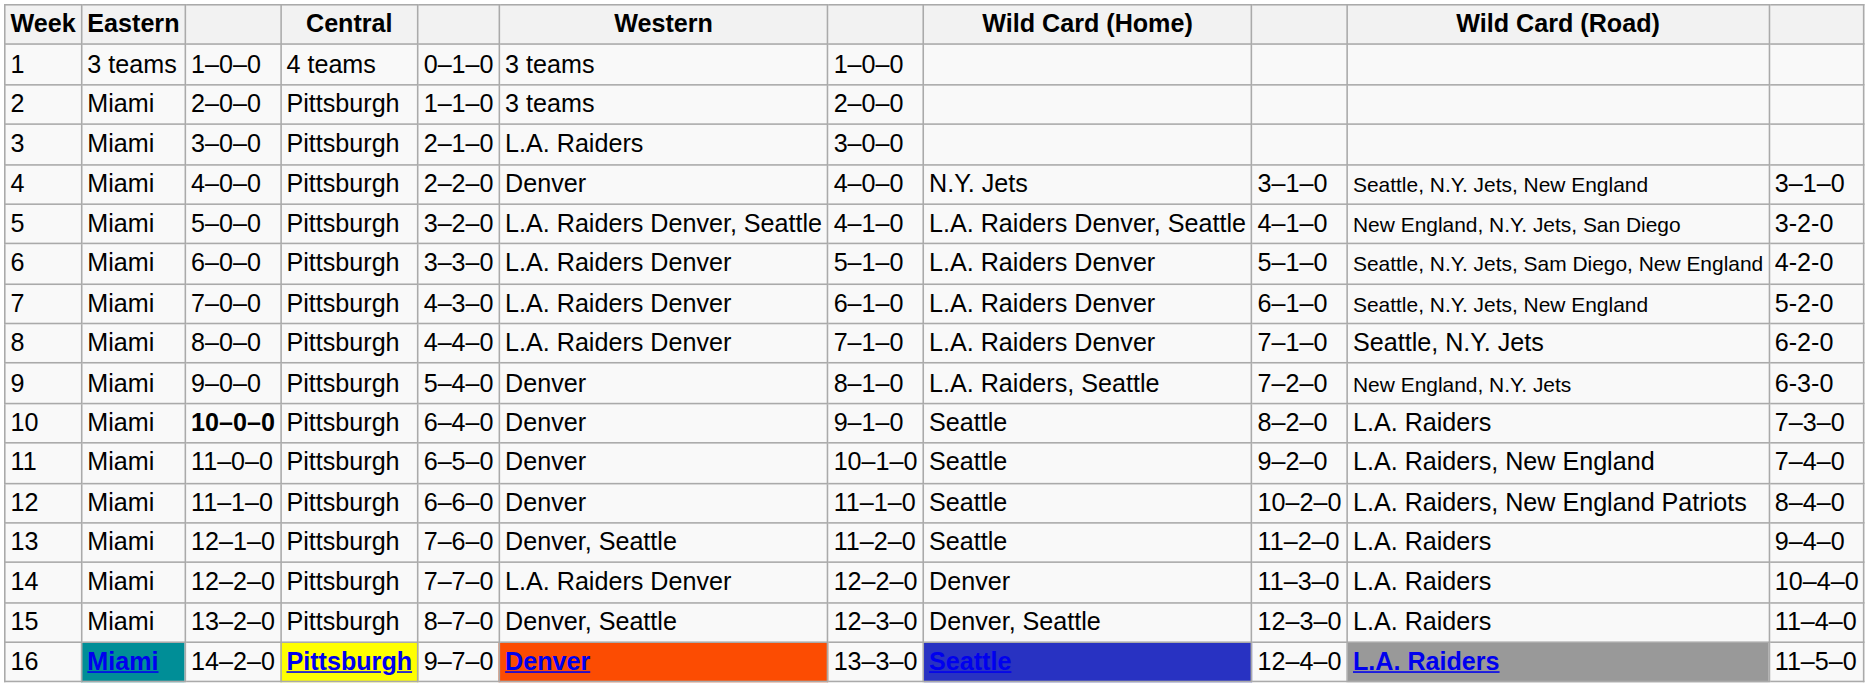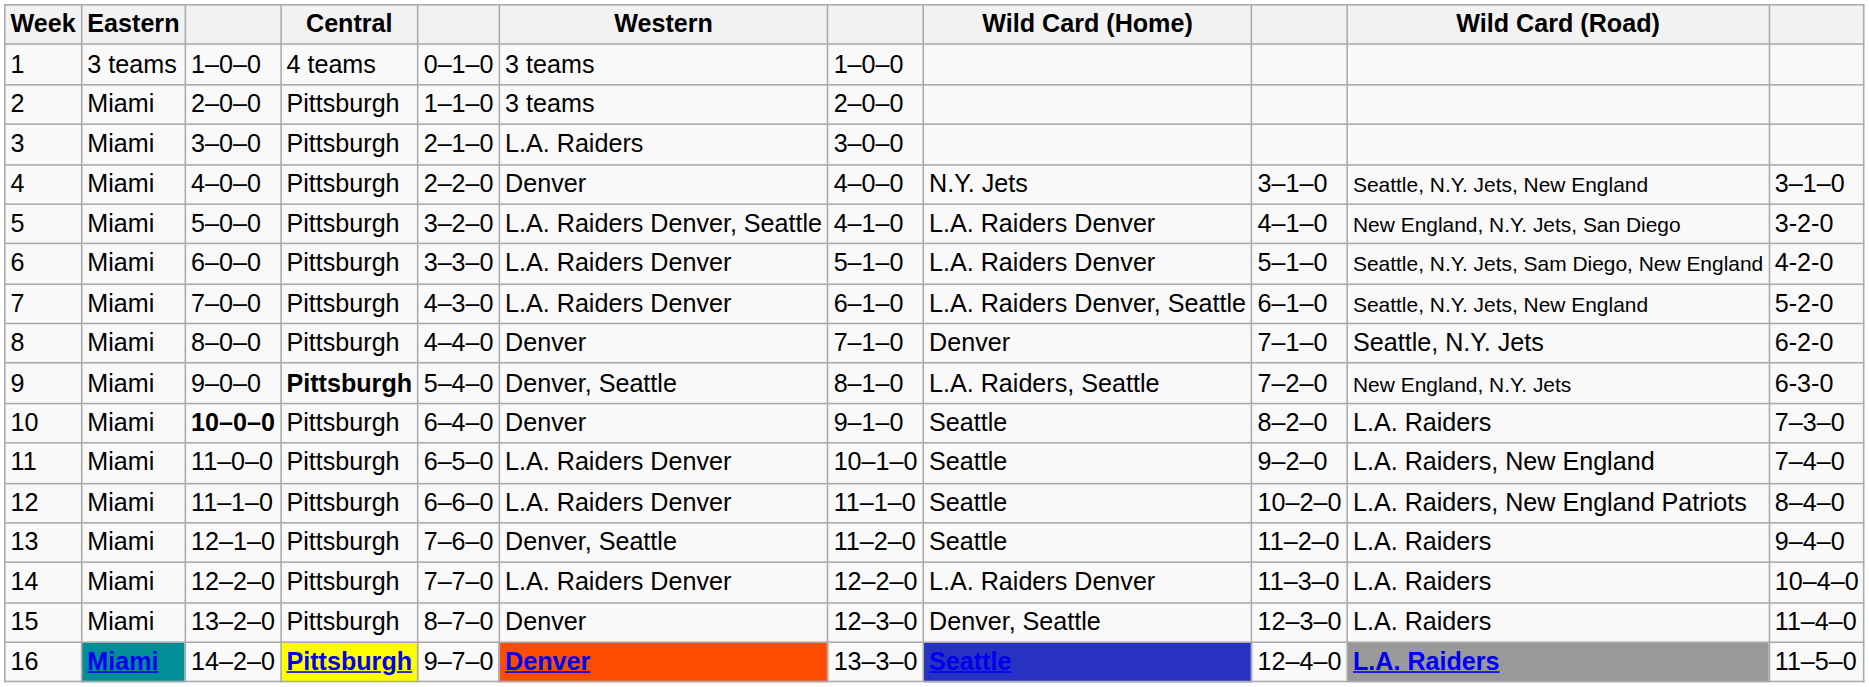 <table class="wikitable">
 <tr>
 <th>Week</th>
 <th>Eastern</th>
 <th></th>
 <th>Central</th>
 <th></th>
 <th>Western</th>
 <th></th>
 <th>Wild Card (Home)</th>
 <th></th>
 <th>Wild Card (Road)</th>
 <th></th>
 </tr>
 <tr>
 <td>1</td>
 <td>3 teams</td>
 <td>1–0–0</td>
 <td>4 teams</td>
 <td>0–1–0</td>
 <td>3 teams</td>
 <td>1–0–0</td>
 <td></td>
 <td></td>
 <td></td>
 <td></td>
 </tr>
 <tr>
 <td>2</td>
 <td>Miami</td>
 <td>2–0–0</td>
 <td>Pittsburgh</td>
 <td>1–1–0</td>
 <td>3 teams</td>
 <td>2–0–0</td>
 <td></td>
 <td></td>
 <td></td>
 <td></td>
 </tr>
 <tr>
 <td>3</td>
 <td>Miami</td>
 <td>3–0–0</td>
 <td>Pittsburgh</td>
 <td>2–1–0</td>
 <td>L.A. Raiders</td>
 <td>3–0–0</td>
 <td></td>
 <td></td>
 <td></td>
 <td></td>
 </tr>
 <tr>
 <td>4</td>
 <td>Miami</td>
 <td>4–0–0</td>
 <td>Pittsburgh</td>
 <td>2–2–0</td>
 <td>Denver</td>
 <td>4–0–0</td>
 <td>N.Y. Jets</td>
 <td>3–1–0</td>
 <td><small>Seattle, N.Y. Jets, New England</small></td>
 <td>3–1–0</td>
 </tr>
 <tr>
 <td>5</td>
 <td>Miami</td>
 <td>5–0–0</td>
 <td>Pittsburgh</td>
 <td>3–2–0</td>
 <td>L.A. Raiders Denver, Seattle</td>
 <td>4–1–0</td>
-<td>L.A. Raiders Denver, Seattle</td>
+<td>L.A. Raiders Denver</td>
 <td>4–1–0</td>
 <td><small>New England, N.Y. Jets, San Diego</small></td>
 <td>3-2-0</td>
 </tr>
 <tr>
 <td>6</td>
 <td>Miami</td>
 <td>6–0–0</td>
 <td>Pittsburgh</td>
 <td>3–3–0</td>
 <td>L.A. Raiders Denver</td>
 <td>5–1–0</td>
 <td>L.A. Raiders Denver</td>
 <td>5–1–0</td>
 <td><small>Seattle, N.Y. Jets, Sam Diego, New England</small></td>
 <td>4-2-0</td>
 </tr>
 <tr>
 <td>7</td>
 <td>Miami</td>
 <td>7–0–0</td>
 <td>Pittsburgh</td>
 <td>4–3–0</td>
 <td>L.A. Raiders Denver</td>
 <td>6–1–0</td>
-<td>L.A. Raiders Denver</td>
+<td>L.A. Raiders Denver, Seattle</td>
 <td>6–1–0</td>
 <td><small>Seattle, N.Y. Jets, New England</small></td>
 <td>5-2-0</td>
 </tr>
 <tr>
 <td>8</td>
 <td>Miami</td>
 <td>8–0–0</td>
 <td>Pittsburgh</td>
 <td>4–4–0</td>
-<td>L.A. Raiders Denver</td>
+<td>Denver</td>
 <td>7–1–0</td>
-<td>L.A. Raiders Denver</td>
+<td>Denver</td>
 <td>7–1–0</td>
 <td>Seattle, N.Y. Jets</td>
 <td>6-2-0</td>
 </tr>
 <tr>
 <td>9</td>
 <td>Miami</td>
 <td>9–0–0</td>
-<td>Pittsburgh</td>
+<td><strong>Pittsburgh</strong></td>
 <td>5–4–0</td>
-<td>Denver</td>
+<td>Denver, Seattle</td>
 <td>8–1–0</td>
 <td>L.A. Raiders, Seattle</td>
 <td>7–2–0</td>
 <td><small>New England, N.Y. Jets</small></td>
 <td>6-3-0</td>
 </tr>
 <tr>
 <td>10</td>
 <td>Miami</td>
 <td><strong>10–0–0</strong></td>
 <td>Pittsburgh</td>
 <td>6–4–0</td>
 <td>Denver</td>
 <td>9–1–0</td>
 <td>Seattle</td>
 <td>8–2–0</td>
 <td>L.A. Raiders</td>
 <td>7–3–0</td>
 </tr>
 <tr>
 <td>11</td>
 <td>Miami</td>
 <td>11–0–0</td>
 <td>Pittsburgh</td>
 <td>6–5–0</td>
-<td>Denver</td>
+<td>L.A. Raiders Denver</td>
 <td>10–1–0</td>
 <td>Seattle</td>
 <td>9–2–0</td>
 <td>L.A. Raiders, New England</td>
 <td>7–4–0</td>
 </tr>
 <tr>
 <td>12</td>
 <td>Miami</td>
 <td>11–1–0</td>
 <td>Pittsburgh</td>
 <td>6–6–0</td>
-<td>Denver</td>
+<td>L.A. Raiders Denver</td>
 <td>11–1–0</td>
 <td>Seattle</td>
 <td>10–2–0</td>
 <td>L.A. Raiders, New England Patriots</td>
 <td>8–4–0</td>
 </tr>
 <tr>
 <td>13</td>
 <td>Miami</td>
 <td>12–1–0</td>
 <td>Pittsburgh</td>
 <td>7–6–0</td>
 <td>Denver, Seattle</td>
 <td>11–2–0</td>
 <td>Seattle</td>
 <td>11–2–0</td>
 <td>L.A. Raiders</td>
 <td>9–4–0</td>
 </tr>
 <tr>
 <td>14</td>
 <td>Miami</td>
 <td>12–2–0</td>
 <td>Pittsburgh</td>
 <td>7–7–0</td>
 <td>L.A. Raiders Denver</td>
 <td>12–2–0</td>
-<td>Denver</td>
+<td>L.A. Raiders Denver</td>
 <td>11–3–0</td>
 <td>L.A. Raiders</td>
 <td>10–4–0</td>
 </tr>
 <tr>
 <td>15</td>
 <td>Miami</td>
 <td>13–2–0</td>
 <td>Pittsburgh</td>
 <td>8–7–0</td>
-<td>Denver, Seattle</td>
+<td>Denver</td>
 <td>12–3–0</td>
 <td>Denver, Seattle</td>
 <td>12–3–0</td>
 <td>L.A. Raiders</td>
 <td>11–4–0</td>
 </tr>
 <tr>
 <td>16</td>
 <td bgcolor="#008E97"><strong><a href='#'><span>Miami</span></a></strong></td>
 <td>14–2–0</td>
 <td bgcolor="#FFFF00"><strong><a href='#'><span>Pittsburgh</span></a></strong></td>
 <td>9–7–0</td>
 <td bgcolor="#FC4CO2"><strong><a href='#'><span>Denver</span></a></strong></td>
 <td>13–3–0</td>
 <td bgcolor="#2832C2"><strong><a href='#'><span>Seattle</span></a></strong></td>
 <td>12–4–0</td>
 <td bgcolor="#999999"><strong><a href='#'><span>L.A. Raiders</span></a></strong></td>
 <td>11–5–0</td>
 </tr>
 </table>
